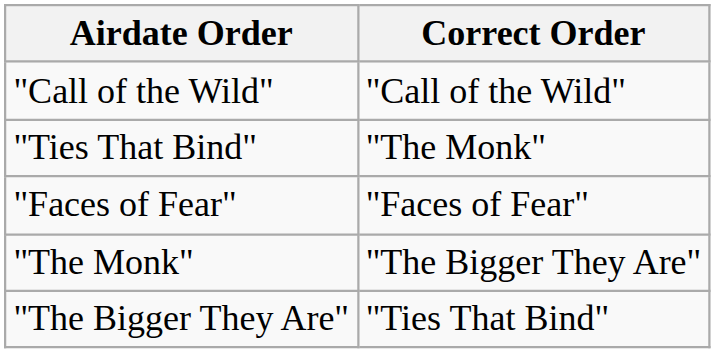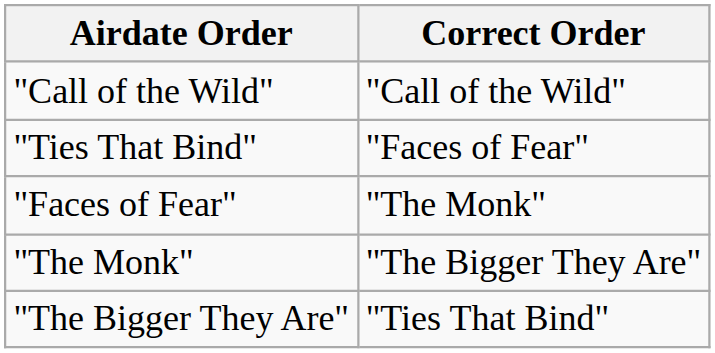 <table class="wikitable">
 <tr>
 <th>Airdate Order</th>
 <th>Correct Order</th>
 </tr>
 <tr>
 <td>"Call of the Wild"</td>
 <td>"Call of the Wild"</td>
 </tr>
 <tr>
 <td>"Ties That Bind"</td>
-<td>"The Monk"</td>
+<td>"Faces of Fear"</td>
 </tr>
 <tr>
 <td>"Faces of Fear"</td>
-<td>"Faces of Fear"</td>
+<td>"The Monk"</td>
 </tr>
 <tr>
 <td>"The Monk"</td>
 <td>"The Bigger They Are"</td>
 </tr>
 <tr>
 <td>"The Bigger They Are"</td>
 <td>"Ties That Bind"</td>
 </tr>
 </table>
